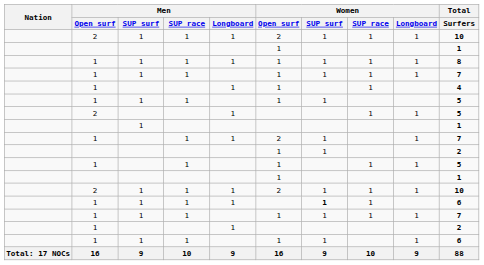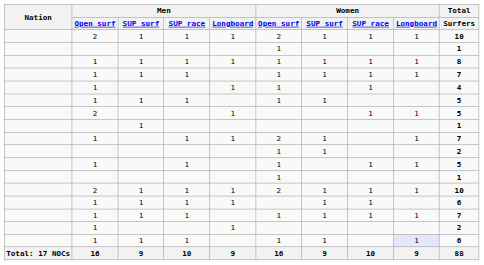 <table class="wikitable" style="text-align:center; font-size:90%">
 <tr>
 <th rowspan="2" align="left">Nation</th>
 <th colspan="4">Men</th>
 <th colspan="4">Women</th>
 <th>Total</th>
 </tr>
 <tr>
 <th width=65><a href='#'>Open surf</a></th>
 <th width=65><a href='#'>SUP surf</a></th>
 <th width=65><a href='#'>SUP race</a></th>
 <th width=65><a href='#'>Longboard</a></th>
 <th width=65><a href='#'>Open surf</a></th>
 <th width=65><a href='#'>SUP surf</a></th>
 <th width=65><a href='#'>SUP race</a></th>
 <th width=65><a href='#'>Longboard</a></th>
 <th width=55>Surfers</th>
 </tr>
 <tr>
 <td align=left></td>
 <td>2</td>
 <td>1</td>
 <td>1</td>
 <td>1</td>
 <td>2</td>
 <td>1</td>
 <td>1</td>
 <td>1</td>
 <td><strong>10</strong></td>
 </tr>
 <tr>
 <td align=left></td>
 <td></td>
 <td></td>
 <td></td>
 <td></td>
 <td>1</td>
 <td></td>
 <td></td>
 <td></td>
 <td><strong>1</strong></td>
 </tr>
 <tr>
 <td align=left></td>
 <td>1</td>
 <td>1</td>
 <td>1</td>
 <td>1</td>
 <td>1</td>
 <td>1</td>
 <td>1</td>
 <td>1</td>
 <td><strong>8</strong></td>
 </tr>
 <tr>
 <td align=left></td>
 <td>1</td>
 <td>1</td>
 <td>1</td>
 <td></td>
 <td>1</td>
 <td>1</td>
 <td>1</td>
 <td>1</td>
 <td><strong>7</strong></td>
 </tr>
 <tr>
 <td align=left></td>
 <td>1</td>
 <td></td>
 <td></td>
 <td>1</td>
 <td>1</td>
 <td></td>
 <td>1</td>
 <td></td>
 <td><strong>4</strong></td>
 </tr>
 <tr>
 <td align=left></td>
 <td>1</td>
 <td>1</td>
 <td>1</td>
 <td></td>
 <td>1</td>
 <td>1</td>
 <td></td>
 <td></td>
 <td><strong>5</strong></td>
 </tr>
 <tr>
 <td align=left></td>
 <td>2</td>
 <td></td>
 <td></td>
 <td>1</td>
 <td></td>
 <td></td>
 <td>1</td>
 <td>1</td>
 <td><strong>5</strong></td>
 </tr>
 <tr>
 <td align=left></td>
 <td></td>
 <td>1</td>
 <td></td>
 <td></td>
 <td></td>
 <td></td>
 <td></td>
 <td></td>
 <td><strong>1</strong></td>
 </tr>
 <tr>
 <td align=left></td>
 <td>1</td>
 <td></td>
 <td>1</td>
 <td>1</td>
 <td>2</td>
 <td>1</td>
 <td></td>
 <td>1</td>
 <td><strong>7</strong></td>
 </tr>
 <tr>
 <td align=left></td>
 <td></td>
 <td></td>
 <td></td>
 <td></td>
 <td>1</td>
 <td>1</td>
 <td></td>
 <td></td>
 <td><strong>2</strong></td>
 </tr>
 <tr>
 <td align=left></td>
 <td>1</td>
 <td></td>
 <td>1</td>
 <td></td>
 <td>1</td>
 <td></td>
 <td>1</td>
 <td>1</td>
 <td><strong>5</strong></td>
 </tr>
 <tr>
 <td align=left></td>
 <td></td>
 <td></td>
 <td></td>
 <td></td>
 <td>1</td>
 <td></td>
 <td></td>
 <td></td>
 <td><strong>1</strong></td>
 </tr>
 <tr>
 <td align=left></td>
 <td>2</td>
 <td>1</td>
 <td>1</td>
 <td>1</td>
 <td>2</td>
 <td>1</td>
 <td>1</td>
 <td>1</td>
 <td><strong>10</strong></td>
 </tr>
 <tr>
 <td align=left></td>
 <td>1</td>
 <td>1</td>
 <td>1</td>
 <td>1</td>
 <td></td>
-<td><strong>1</strong></td>
+<td>1</td>
 <td>1</td>
 <td></td>
 <td><strong>6</strong></td>
 </tr>
 <tr>
 <td align=left></td>
 <td>1</td>
 <td>1</td>
 <td>1</td>
 <td></td>
 <td>1</td>
 <td>1</td>
 <td>1</td>
 <td>1</td>
 <td><strong>7</strong></td>
 </tr>
 <tr>
 <td align=left></td>
 <td>1</td>
 <td></td>
 <td></td>
 <td>1</td>
 <td></td>
 <td></td>
 <td></td>
 <td></td>
 <td><strong>2</strong></td>
 </tr>
 <tr>
 <td align=left></td>
 <td>1</td>
 <td>1</td>
 <td>1</td>
 <td></td>
 <td>1</td>
 <td>1</td>
 <td></td>
-<td>1</td>
+<td style="background: lavender;">1</td>
 <td><strong>6</strong></td>
 </tr>
 <tr>
 <th>Total: 17 NOCs</th>
 <th>16</th>
 <th>9</th>
 <th>10</th>
 <th>9</th>
 <th>16</th>
 <th>9</th>
 <th>10</th>
 <th>9</th>
 <th>88</th>
 </tr>
 </table>
